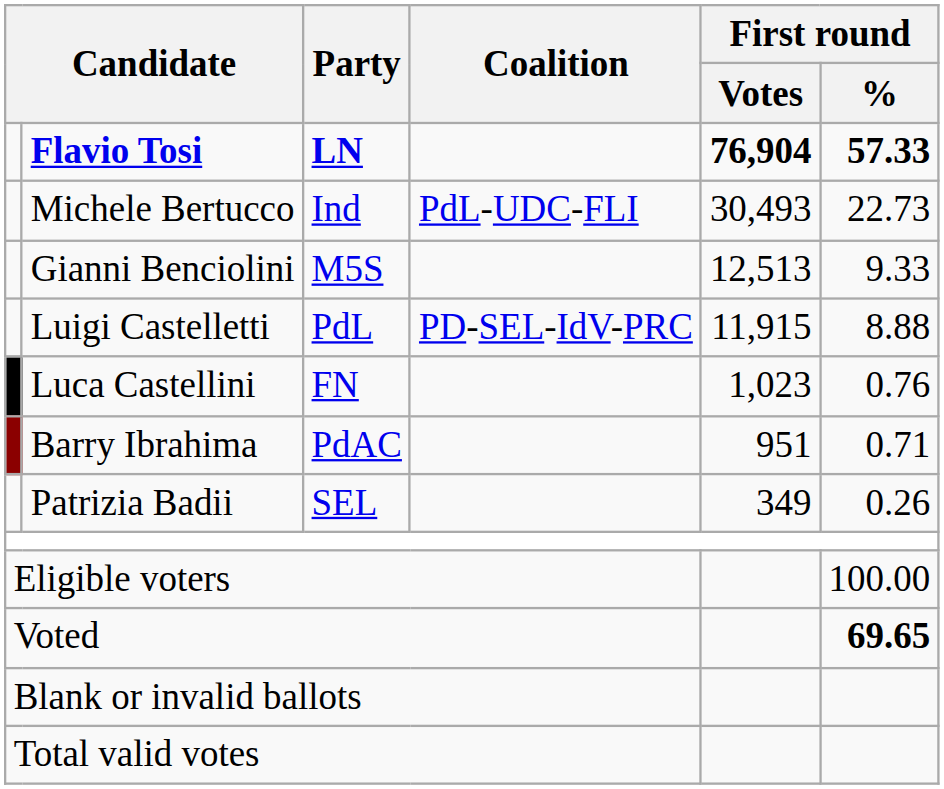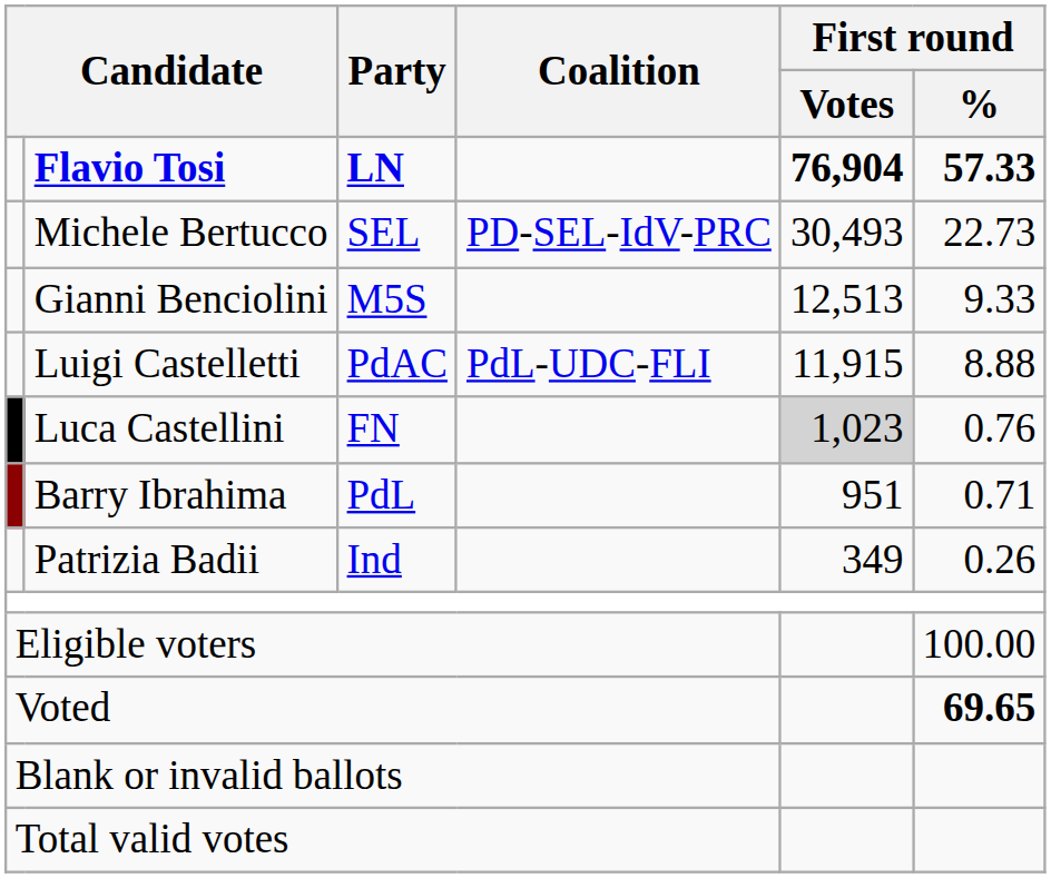 <table class="wikitable centre">
 <tr>
 <th scope="col" rowspan=2 colspan=2>Candidate</th>
 <th scope="col" rowspan=2 colspan=1>Party</th>
 <th scope="col" rowspan=2 colspan=1>Coalition</th>
 <th scope="col" colspan=2>First round</th>
 </tr>
 <tr>
 <th scope="col">Votes</th>
 <th scope="col">%</th>
 </tr>
 <tr>
 <td></td>
 <td><strong><a href='#'>Flavio Tosi</a></strong></td>
 <td><strong><a href='#'>LN</a></strong></td>
 <td></td>
 <td style="text-align: right"><strong>76,904</strong></td>
 <td style="text-align: right"><strong>57.33</strong></td>
 </tr>
 <tr>
 <td></td>
 <td>Michele Bertucco</td>
-<td><a href='#'>Ind</a></td>
-<td><a href='#'>PdL</a>-<a href='#'>UDC</a>-<a href='#'>FLI</a></td>
+<td><a href='#'>SEL</a></td>
+<td><a href='#'>PD</a>-<a href='#'>SEL</a>-<a href='#'>IdV</a>-<a href='#'>PRC</a></td>
 <td style="text-align: right">30,493</td>
 <td style="text-align: right">22.73</td>
 </tr>
 <tr>
 <td></td>
 <td>Gianni Benciolini</td>
 <td><a href='#'>M5S</a></td>
 <td></td>
 <td style="text-align: right">12,513</td>
 <td style="text-align: right">9.33</td>
 </tr>
 <tr>
 <td></td>
 <td>Luigi Castelletti</td>
-<td><a href='#'>PdL</a></td>
-<td><a href='#'>PD</a>-<a href='#'>SEL</a>-<a href='#'>IdV</a>-<a href='#'>PRC</a></td>
+<td><a href='#'>PdAC</a></td>
+<td><a href='#'>PdL</a>-<a href='#'>UDC</a>-<a href='#'>FLI</a></td>
 <td style="text-align: right">11,915</td>
 <td style="text-align: right">8.88</td>
 </tr>
 <tr>
 <td bgcolor="black"></td>
 <td>Luca Castellini</td>
 <td><a href='#'>FN</a></td>
 <td></td>
-<td style="text-align: right">1,023</td>
+<td style="background: lightgrey; text-align: right">1,023</td>
 <td style="text-align: right">0.76</td>
 </tr>
 <tr>
 <td bgcolor="darkred"></td>
 <td>Barry Ibrahima</td>
-<td><a href='#'>PdAC</a></td>
+<td><a href='#'>PdL</a></td>
 <td></td>
 <td style="text-align: right">951</td>
 <td style="text-align: right">0.71</td>
 </tr>
 <tr>
 <td bgcolor=""></td>
 <td>Patrizia Badii</td>
-<td><a href='#'>SEL</a></td>
+<td><a href='#'>Ind</a></td>
 <td></td>
 <td style="text-align: right">349</td>
 <td style="text-align: right">0.26</td>
 </tr>
 <tr bgcolor=white>
 <td colspan=6></td>
 </tr>
 <tr>
 <td colspan=4>Eligible voters</td>
 <td style="text-align: right"></td>
 <td style="text-align: right">100.00</td>
 </tr>
 <tr>
 <td colspan=4>Voted</td>
 <td style="text-align: right"></td>
 <td style="text-align: right"><strong>69.65</strong></td>
 </tr>
 <tr>
 <td colspan=4>Blank or invalid ballots</td>
 <td style="text-align: right"></td>
 <td style="text-align: right"></td>
 </tr>
 <tr>
 <td colspan=4>Total valid votes</td>
 <td style="text-align: right"></td>
 <td style="text-align: right"></td>
 </tr>
 </table>
